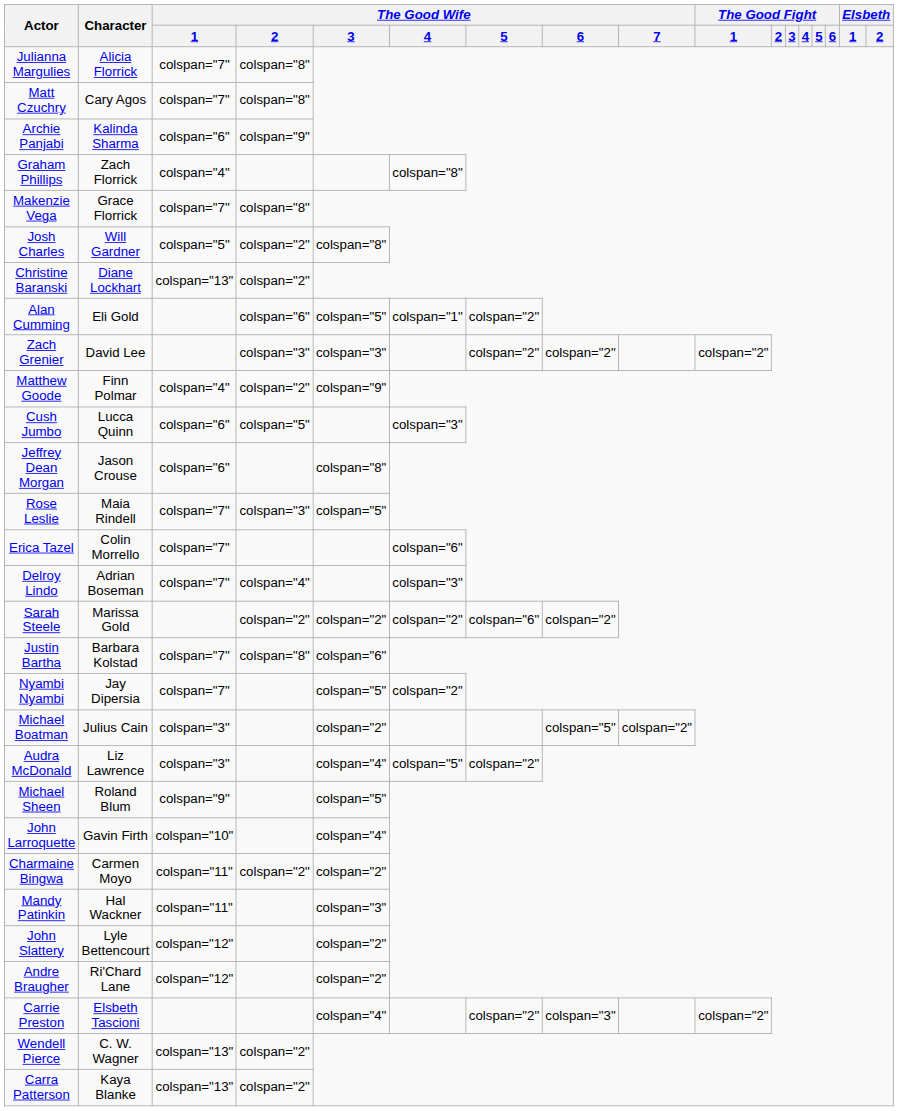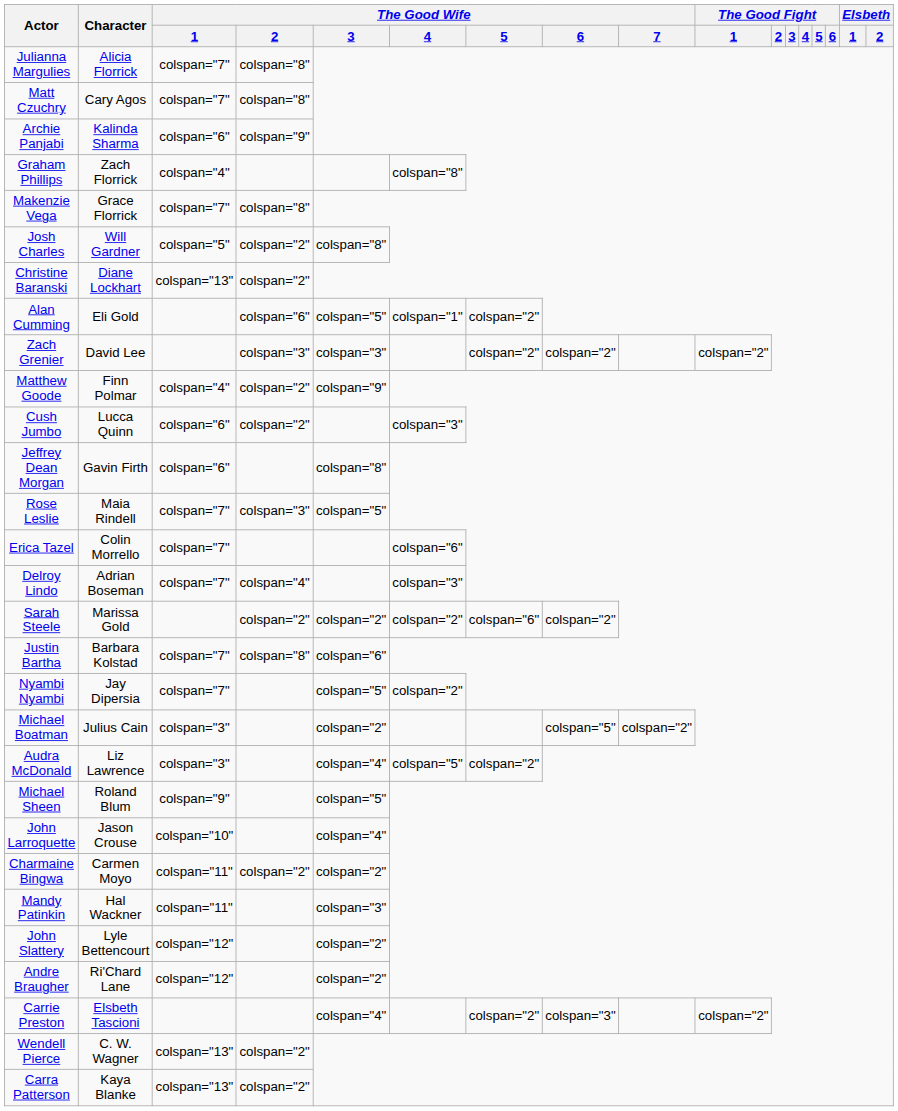 <table class="wikitable plainrowheaders" style="text-align:center">
 <tr>
 <th rowspan="2" style="width:12%;" scope="col">Actor</th>
 <th rowspan="2" style="width:12%;" scope="col">Character</th>
 <th colspan="7"><em><a href='#'>The Good Wife</a></em></th>
 <th colspan="6"><em><a href='#'>The Good Fight</a></em></th>
 <th colspan="2"><em><a href='#'>Elsbeth</a></em></th>
 </tr>
 <tr>
 <th style="width:5%;" scope="col"><a href='#'>1</a></th>
 <th style="width:5%;" scope="col"><a href='#'>2</a></th>
 <th style="width:5%;" scope="col"><a href='#'>3</a></th>
 <th style="width:5%;" scope="col"><a href='#'>4</a></th>
 <th style="width:5%;" scope="col"><a href='#'>5</a></th>
 <th style="width:5%;" scope="col"><a href='#'>6</a></th>
 <th style="width:5%;" scope="col"><a href='#'>7</a></th>
 <th style="width:5%;" scope="col"><a href='#'>1</a></th>
 <th style="width:5%;" scope="col"><a href='#'>2</a></th>
 <th style="width:5%;" scope="col"><a href='#'>3</a></th>
 <th style="width:5%;" scope="col"><a href='#'>4</a></th>
 <th style="width:5%;" scope="col"><a href='#'>5</a></th>
 <th style="width:5%;" scope="col"><a href='#'>6</a></th>
 <th style="width:5%;" scope="col"><a href='#'>1</a></th>
 <th style="width:5%;" scope="col"><a href='#'>2</a></th>
 </tr>
 <tr>
 <td><a href='#'>Julianna Margulies</a></td>
 <td><a href='#'>Alicia Florrick</a></td>
 <td>colspan="7" </td>
 <td>colspan="8" </td>
 </tr>
 <tr>
 <td><a href='#'>Matt Czuchry</a></td>
 <td>Cary Agos</td>
 <td>colspan="7" </td>
 <td>colspan="8" </td>
 </tr>
 <tr>
 <td><a href='#'>Archie Panjabi</a></td>
 <td><a href='#'>Kalinda Sharma</a></td>
 <td>colspan="6" </td>
 <td>colspan="9" </td>
 </tr>
 <tr>
 <td><a href='#'>Graham Phillips</a></td>
 <td>Zach Florrick</td>
 <td>colspan="4" </td>
 <td></td>
 <td></td>
 <td>colspan="8" </td>
 </tr>
 <tr>
 <td><a href='#'>Makenzie Vega</a></td>
 <td>Grace Florrick</td>
 <td>colspan="7" </td>
 <td>colspan="8" </td>
 </tr>
 <tr>
 <td><a href='#'>Josh Charles</a></td>
 <td><a href='#'>Will Gardner</a></td>
 <td>colspan="5" </td>
 <td>colspan="2" </td>
 <td>colspan="8" </td>
 </tr>
 <tr>
 <td><a href='#'>Christine Baranski</a></td>
 <td><a href='#'>Diane Lockhart</a></td>
 <td>colspan="13" </td>
 <td>colspan="2" </td>
 </tr>
 <tr>
 <td><a href='#'>Alan Cumming</a></td>
 <td>Eli Gold</td>
 <td></td>
 <td>colspan="6" </td>
 <td>colspan="5" </td>
 <td>colspan="1" </td>
 <td>colspan="2" </td>
 </tr>
 <tr>
 <td><a href='#'>Zach Grenier</a></td>
 <td>David Lee</td>
 <td></td>
 <td>colspan="3" </td>
 <td>colspan="3" </td>
 <td></td>
 <td>colspan="2" </td>
 <td>colspan="2" </td>
 <td></td>
 <td>colspan="2" </td>
 </tr>
 <tr>
 <td><a href='#'>Matthew Goode</a></td>
 <td>Finn Polmar</td>
 <td>colspan="4" </td>
 <td>colspan="2" </td>
 <td>colspan="9" </td>
 </tr>
 <tr>
 <td><a href='#'>Cush Jumbo</a></td>
 <td>Lucca Quinn</td>
 <td>colspan="6" </td>
-<td>colspan="5" </td>
+<td>colspan="2" </td>
 <td></td>
 <td>colspan="3" </td>
 </tr>
 <tr>
 <td><a href='#'>Jeffrey Dean Morgan</a></td>
-<td>Jason Crouse</td>
+<td>Gavin Firth</td>
 <td>colspan="6" </td>
 <td></td>
 <td>colspan="8" </td>
 </tr>
 <tr>
 <td><a href='#'>Rose Leslie</a></td>
 <td>Maia Rindell</td>
 <td>colspan="7" </td>
 <td>colspan="3" </td>
 <td>colspan="5" </td>
 </tr>
 <tr>
 <td><a href='#'>Erica Tazel</a></td>
 <td>Colin Morrello</td>
 <td>colspan="7" </td>
 <td></td>
 <td></td>
 <td>colspan="6" </td>
 </tr>
 <tr>
 <td><a href='#'>Delroy Lindo</a></td>
 <td>Adrian Boseman</td>
 <td>colspan="7" </td>
 <td>colspan="4" </td>
 <td></td>
 <td>colspan="3" </td>
 </tr>
 <tr>
 <td><a href='#'>Sarah Steele</a></td>
 <td>Marissa Gold</td>
 <td></td>
 <td>colspan="2" </td>
 <td>colspan="2" </td>
 <td>colspan="2" </td>
 <td>colspan="6" </td>
 <td>colspan="2" </td>
 </tr>
 <tr>
 <td><a href='#'>Justin Bartha</a></td>
 <td>Barbara Kolstad</td>
 <td>colspan="7" </td>
 <td>colspan="8" </td>
 <td>colspan="6" </td>
 </tr>
 <tr>
 <td><a href='#'>Nyambi Nyambi</a></td>
 <td>Jay Dipersia</td>
 <td>colspan="7" </td>
 <td></td>
 <td>colspan="5" </td>
 <td>colspan="2" </td>
 </tr>
 <tr>
 <td><a href='#'>Michael Boatman</a></td>
 <td>Julius Cain</td>
 <td>colspan="3" </td>
 <td></td>
 <td>colspan="2" </td>
 <td></td>
 <td></td>
 <td>colspan="5" </td>
 <td>colspan="2" </td>
 </tr>
 <tr>
 <td><a href='#'>Audra McDonald</a></td>
 <td>Liz Lawrence</td>
 <td>colspan="3" </td>
 <td></td>
 <td>colspan="4" </td>
 <td>colspan="5" </td>
 <td>colspan="2" </td>
 </tr>
 <tr>
 <td><a href='#'>Michael Sheen</a></td>
 <td>Roland Blum</td>
 <td>colspan="9" </td>
 <td></td>
 <td>colspan="5" </td>
 </tr>
 <tr>
 <td><a href='#'>John Larroquette</a></td>
-<td>Gavin Firth</td>
+<td>Jason Crouse</td>
 <td>colspan="10" </td>
 <td></td>
 <td>colspan="4" </td>
 </tr>
 <tr>
 <td><a href='#'>Charmaine Bingwa</a></td>
 <td>Carmen Moyo</td>
 <td>colspan="11" </td>
 <td>colspan="2" </td>
 <td>colspan="2" </td>
 </tr>
 <tr>
 <td><a href='#'>Mandy Patinkin</a></td>
 <td>Hal Wackner</td>
 <td>colspan="11" </td>
 <td></td>
 <td>colspan="3" </td>
 </tr>
 <tr>
 <td><a href='#'>John Slattery</a></td>
 <td>Lyle Bettencourt</td>
 <td>colspan="12" </td>
 <td></td>
 <td>colspan="2" </td>
 </tr>
 <tr>
 <td><a href='#'>Andre Braugher</a></td>
 <td>Ri'Chard Lane</td>
 <td>colspan="12" </td>
 <td></td>
 <td>colspan="2" </td>
 </tr>
 <tr>
 <td><a href='#'>Carrie Preston</a></td>
 <td><a href='#'>Elsbeth Tascioni</a></td>
 <td></td>
 <td></td>
 <td>colspan="4" </td>
 <td></td>
 <td>colspan="2" </td>
 <td>colspan="3" </td>
 <td></td>
 <td>colspan="2" </td>
 </tr>
 <tr>
 <td><a href='#'>Wendell Pierce</a></td>
 <td>C. W. Wagner</td>
 <td>colspan="13" </td>
 <td>colspan="2" </td>
 </tr>
 <tr>
 <td><a href='#'>Carra Patterson</a></td>
 <td>Kaya Blanke</td>
 <td>colspan="13" </td>
 <td>colspan="2" </td>
 </tr>
 </table>
